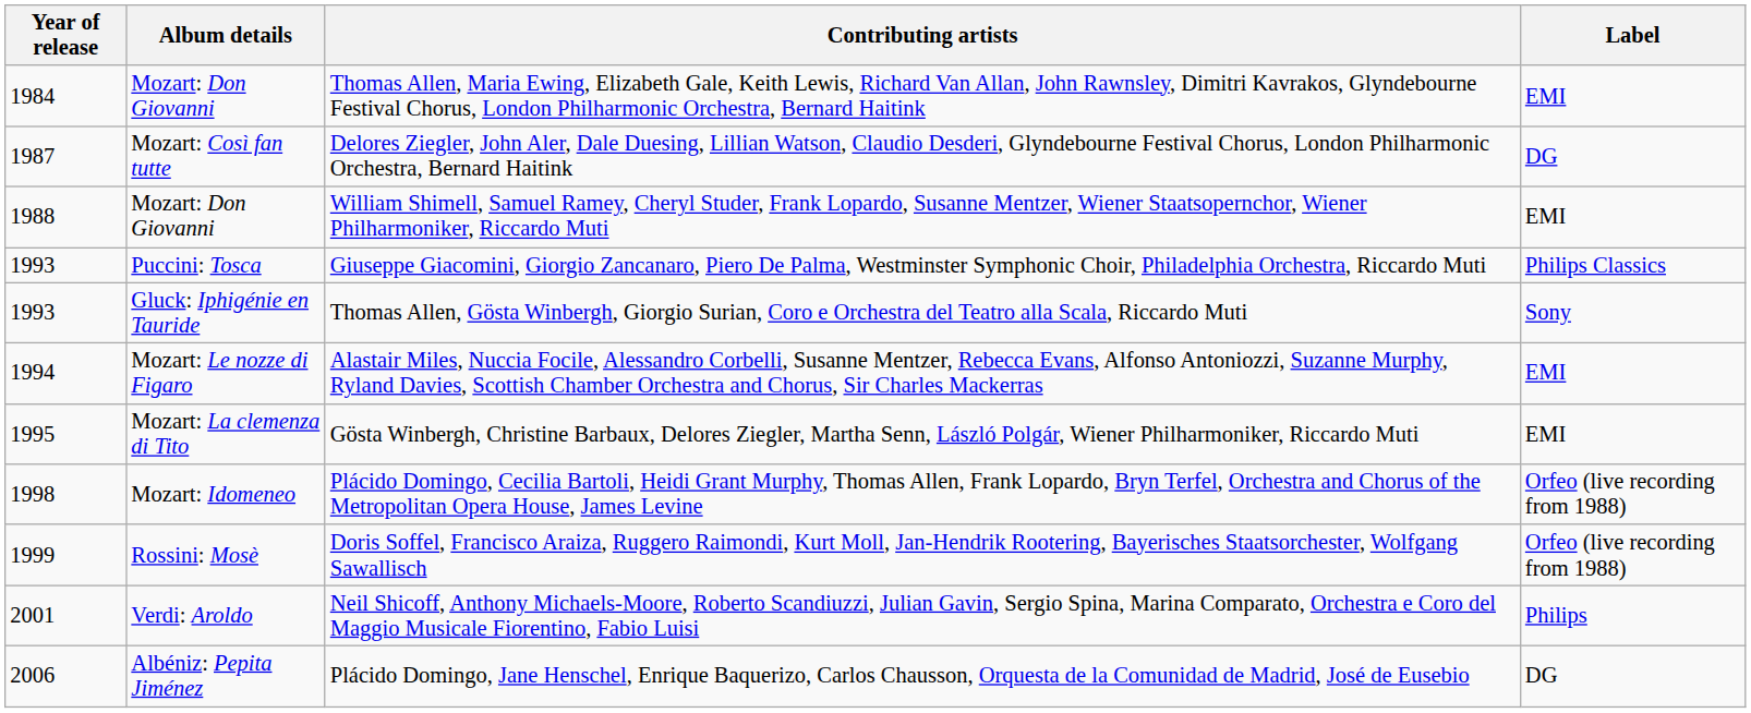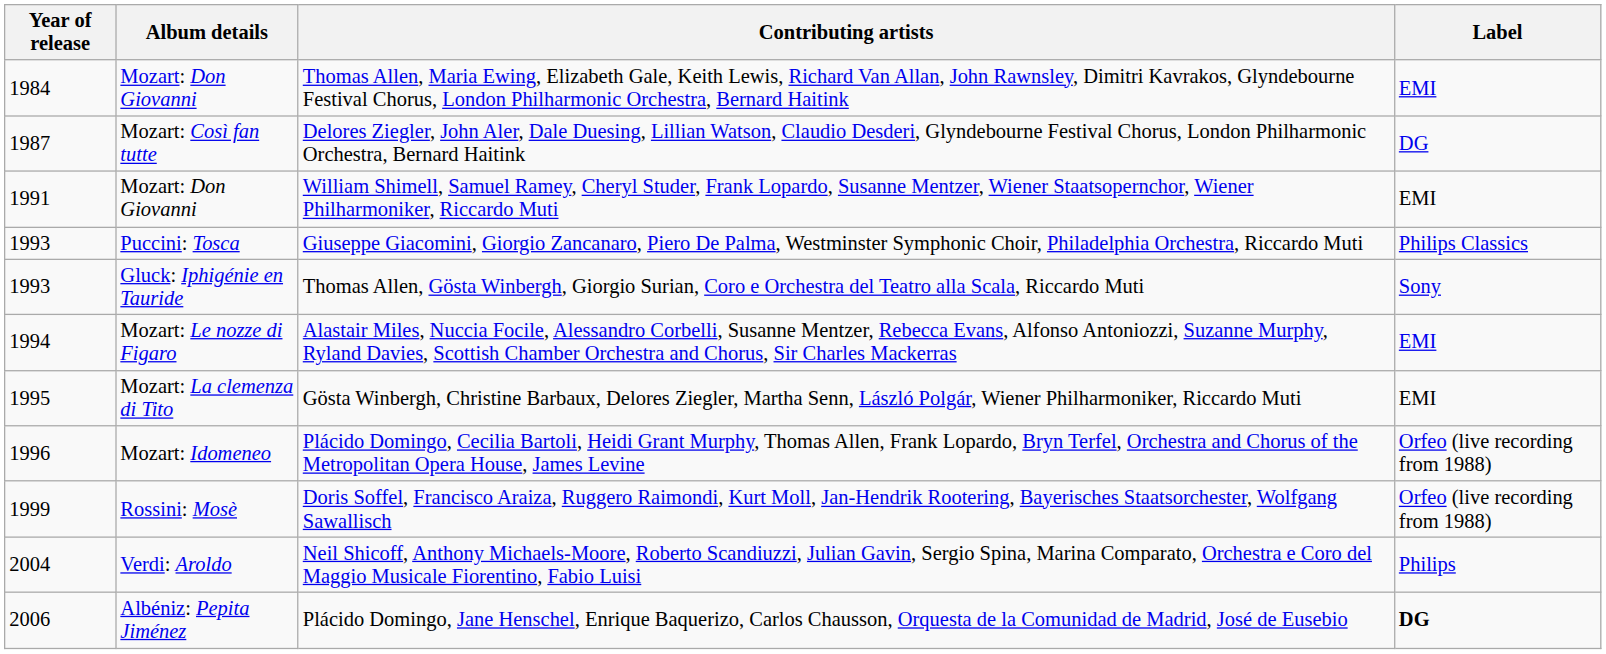 <table class="wikitable sortable">
 <tr>
 <th>Year of release</th>
 <th>Album details</th>
 <th>Contributing artists</th>
 <th>Label</th>
 </tr>
 <tr>
 <td>1984</td>
 <td><a href='#'>Mozart</a>: <em><a href='#'>Don Giovanni</a></em></td>
 <td><a href='#'>Thomas Allen</a>, <a href='#'>Maria Ewing</a>, Elizabeth Gale, Keith Lewis, <a href='#'>Richard Van Allan</a>, <a href='#'>John Rawnsley</a>, Dimitri Kavrakos, Glyndebourne Festival Chorus, <a href='#'>London Philharmonic Orchestra</a>, <a href='#'>Bernard Haitink</a></td>
 <td><a href='#'>EMI</a></td>
 </tr>
 <tr>
 <td>1987</td>
 <td>Mozart: <em><a href='#'>Così fan tutte</a></em></td>
 <td><a href='#'>Delores Ziegler</a>, <a href='#'>John Aler</a>, <a href='#'>Dale Duesing</a>, <a href='#'>Lillian Watson</a>, <a href='#'>Claudio Desderi</a>, Glyndebourne Festival Chorus, London Philharmonic Orchestra, Bernard Haitink</td>
 <td><a href='#'>DG</a></td>
 </tr>
 <tr>
-<td>1988</td>
+<td>1991</td>
 <td>Mozart: <em>Don Giovanni</em></td>
 <td><a href='#'>William Shimell</a>, <a href='#'>Samuel Ramey</a>, <a href='#'>Cheryl Studer</a>, <a href='#'>Frank Lopardo</a>, <a href='#'>Susanne Mentzer</a>, <a href='#'>Wiener Staatsopernchor</a>, <a href='#'>Wiener Philharmoniker</a>, <a href='#'>Riccardo Muti</a></td>
 <td>EMI</td>
 </tr>
 <tr>
 <td>1993</td>
 <td><a href='#'>Puccini</a>: <em><a href='#'>Tosca</a></em></td>
 <td><a href='#'>Giuseppe Giacomini</a>, <a href='#'>Giorgio Zancanaro</a>, <a href='#'>Piero De Palma</a>, Westminster Symphonic Choir, <a href='#'>Philadelphia Orchestra</a>, Riccardo Muti</td>
 <td><a href='#'>Philips Classics</a></td>
 </tr>
 <tr>
 <td>1993</td>
 <td><a href='#'>Gluck</a>: <em><a href='#'>Iphigénie en Tauride</a></em></td>
 <td>Thomas Allen, <a href='#'>Gösta Winbergh</a>, Giorgio Surian, <a href='#'>Coro e Orchestra del Teatro alla Scala</a>, Riccardo Muti</td>
 <td><a href='#'>Sony</a></td>
 </tr>
 <tr>
 <td>1994</td>
 <td>Mozart: <em><a href='#'>Le nozze di Figaro</a></em></td>
 <td><a href='#'>Alastair Miles</a>, <a href='#'>Nuccia Focile</a>, <a href='#'>Alessandro Corbelli</a>, Susanne Mentzer, <a href='#'>Rebecca Evans</a>, Alfonso Antoniozzi, <a href='#'>Suzanne Murphy</a>, <a href='#'>Ryland Davies</a>, <a href='#'>Scottish Chamber Orchestra and Chorus</a>, <a href='#'>Sir Charles Mackerras</a></td>
 <td><a href='#'>EMI</a></td>
 </tr>
 <tr>
 <td>1995</td>
 <td>Mozart: <em><a href='#'>La clemenza di Tito</a></em></td>
 <td>Gösta Winbergh, Christine Barbaux, Delores Ziegler, Martha Senn, <a href='#'>László Polgár</a>, Wiener Philharmoniker, Riccardo Muti</td>
 <td>EMI</td>
 </tr>
 <tr>
-<td>1998</td>
+<td>1996</td>
 <td>Mozart: <em><a href='#'>Idomeneo</a></em></td>
 <td><a href='#'>Plácido Domingo</a>, <a href='#'>Cecilia Bartoli</a>, <a href='#'>Heidi Grant Murphy</a>, Thomas Allen, Frank Lopardo, <a href='#'>Bryn Terfel</a>, <a href='#'>Orchestra and Chorus of the Metropolitan Opera House</a>, <a href='#'>James Levine</a></td>
 <td><a href='#'>Orfeo</a> (live recording from 1988)</td>
 </tr>
 <tr>
 <td>1999</td>
 <td><a href='#'>Rossini</a>: <em><a href='#'>Mosè</a></em></td>
 <td><a href='#'>Doris Soffel</a>, <a href='#'>Francisco Araiza</a>, <a href='#'>Ruggero Raimondi</a>, <a href='#'>Kurt Moll</a>, <a href='#'>Jan-Hendrik Rootering</a>, <a href='#'>Bayerisches Staatsorchester</a>, <a href='#'>Wolfgang Sawallisch</a></td>
 <td><a href='#'>Orfeo</a> (live recording from 1988)</td>
 </tr>
 <tr>
-<td>2001</td>
+<td>2004</td>
 <td><a href='#'>Verdi</a>: <em><a href='#'>Aroldo</a></em></td>
 <td><a href='#'>Neil Shicoff</a>, <a href='#'>Anthony Michaels-Moore</a>, <a href='#'>Roberto Scandiuzzi</a>, <a href='#'>Julian Gavin</a>, Sergio Spina, Marina Comparato, <a href='#'>Orchestra e Coro del Maggio Musicale Fiorentino</a>, <a href='#'>Fabio Luisi</a></td>
 <td><a href='#'>Philips</a></td>
 </tr>
 <tr>
 <td>2006</td>
 <td><a href='#'>Albéniz</a>: <em><a href='#'>Pepita Jiménez</a></em></td>
 <td>Plácido Domingo, <a href='#'>Jane Henschel</a>, Enrique Baquerizo, Carlos Chausson, <a href='#'>Orquesta de la Comunidad de Madrid</a>, <a href='#'>José de Eusebio</a></td>
-<td>DG</td>
+<td><strong>DG</strong></td>
 </tr>
 </table>
